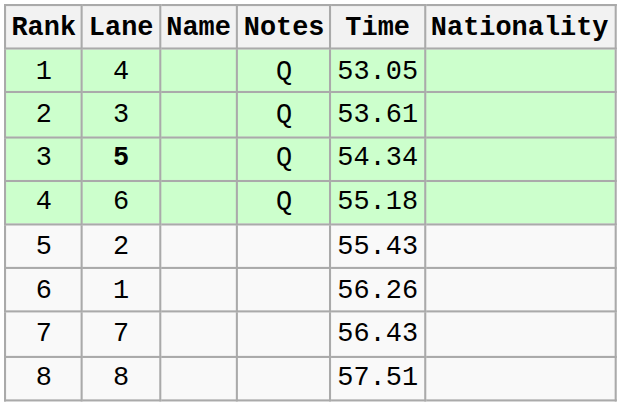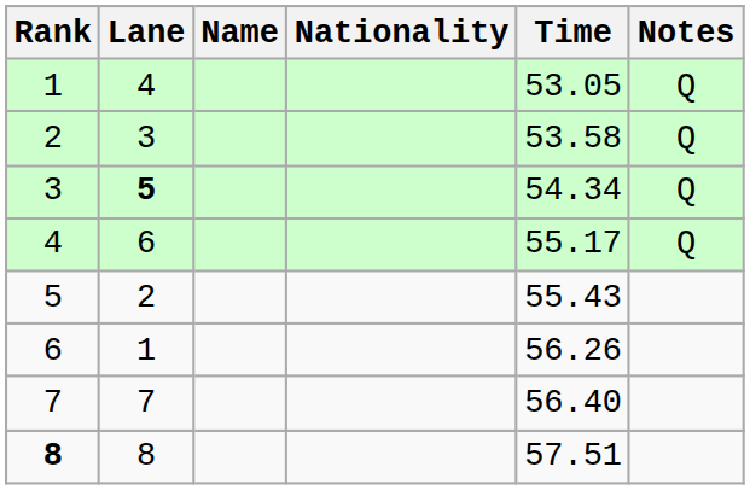 <table class="wikitable sortable" style="text-align:center">
 <tr>
 <th>Rank</th>
 <th>Lane</th>
 <th>Name</th>
+<th>Nationality</th>
+<th>Time</th>
 <th>Notes</th>
-<th>Time</th>
-<th>Nationality</th>
 </tr>
 <tr bgcolor=ccffcc>
 <td>1</td>
 <td>4</td>
 <td align="left"></td>
+<td align="left"></td>
+<td>53.05</td>
 <td>Q</td>
-<td>53.05</td>
-<td align="left"></td>
 </tr>
 <tr bgcolor=ccffcc>
 <td>2</td>
 <td>3</td>
 <td align="left"></td>
+<td align="left"></td>
+<td>53.58</td>
 <td>Q</td>
-<td>53.61</td>
-<td align="left"></td>
 </tr>
 <tr bgcolor=ccffcc>
 <td>3</td>
 <td><strong>5</strong></td>
 <td align="left"></td>
+<td align="left"></td>
+<td>54.34</td>
 <td>Q</td>
-<td>54.34</td>
-<td align="left"></td>
 </tr>
 <tr bgcolor=ccffcc>
 <td>4</td>
 <td>6</td>
 <td align="left"></td>
+<td align="left"></td>
+<td>55.17</td>
 <td>Q</td>
-<td>55.18</td>
-<td align="left"></td>
 </tr>
 <tr>
 <td>5</td>
 <td>2</td>
 <td align="left"></td>
+<td align="left"></td>
+<td>55.43</td>
 <td></td>
-<td>55.43</td>
-<td align="left"></td>
 </tr>
 <tr>
 <td>6</td>
 <td>1</td>
 <td align="left"></td>
+<td align="left"></td>
+<td>56.26</td>
 <td></td>
-<td>56.26</td>
-<td align="left"></td>
 </tr>
 <tr>
 <td>7</td>
 <td>7</td>
 <td align="left"></td>
+<td align="left"></td>
+<td>56.40</td>
 <td></td>
-<td>56.43</td>
-<td align="left"></td>
 </tr>
 <tr>
-<td>8</td>
+<td><strong>8</strong></td>
 <td>8</td>
 <td align="left"></td>
+<td align="left"></td>
+<td>57.51</td>
 <td></td>
-<td>57.51</td>
-<td align="left"></td>
 </tr>
 </table>
